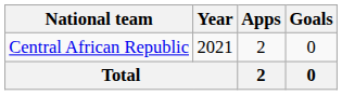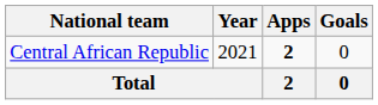 <table class="wikitable" style="text-align:center">
 <tr>
 <th>National team</th>
 <th>Year</th>
 <th>Apps</th>
 <th>Goals</th>
 </tr>
 <tr>
 <td rowspan="1"><a href='#'>Central African Republic</a></td>
 <td>2021</td>
-<td>2</td>
+<td><strong>2</strong></td>
 <td>0</td>
 </tr>
 <tr>
 <th colspan="2">Total</th>
 <th>2</th>
 <th>0</th>
 </tr>
 </table>
